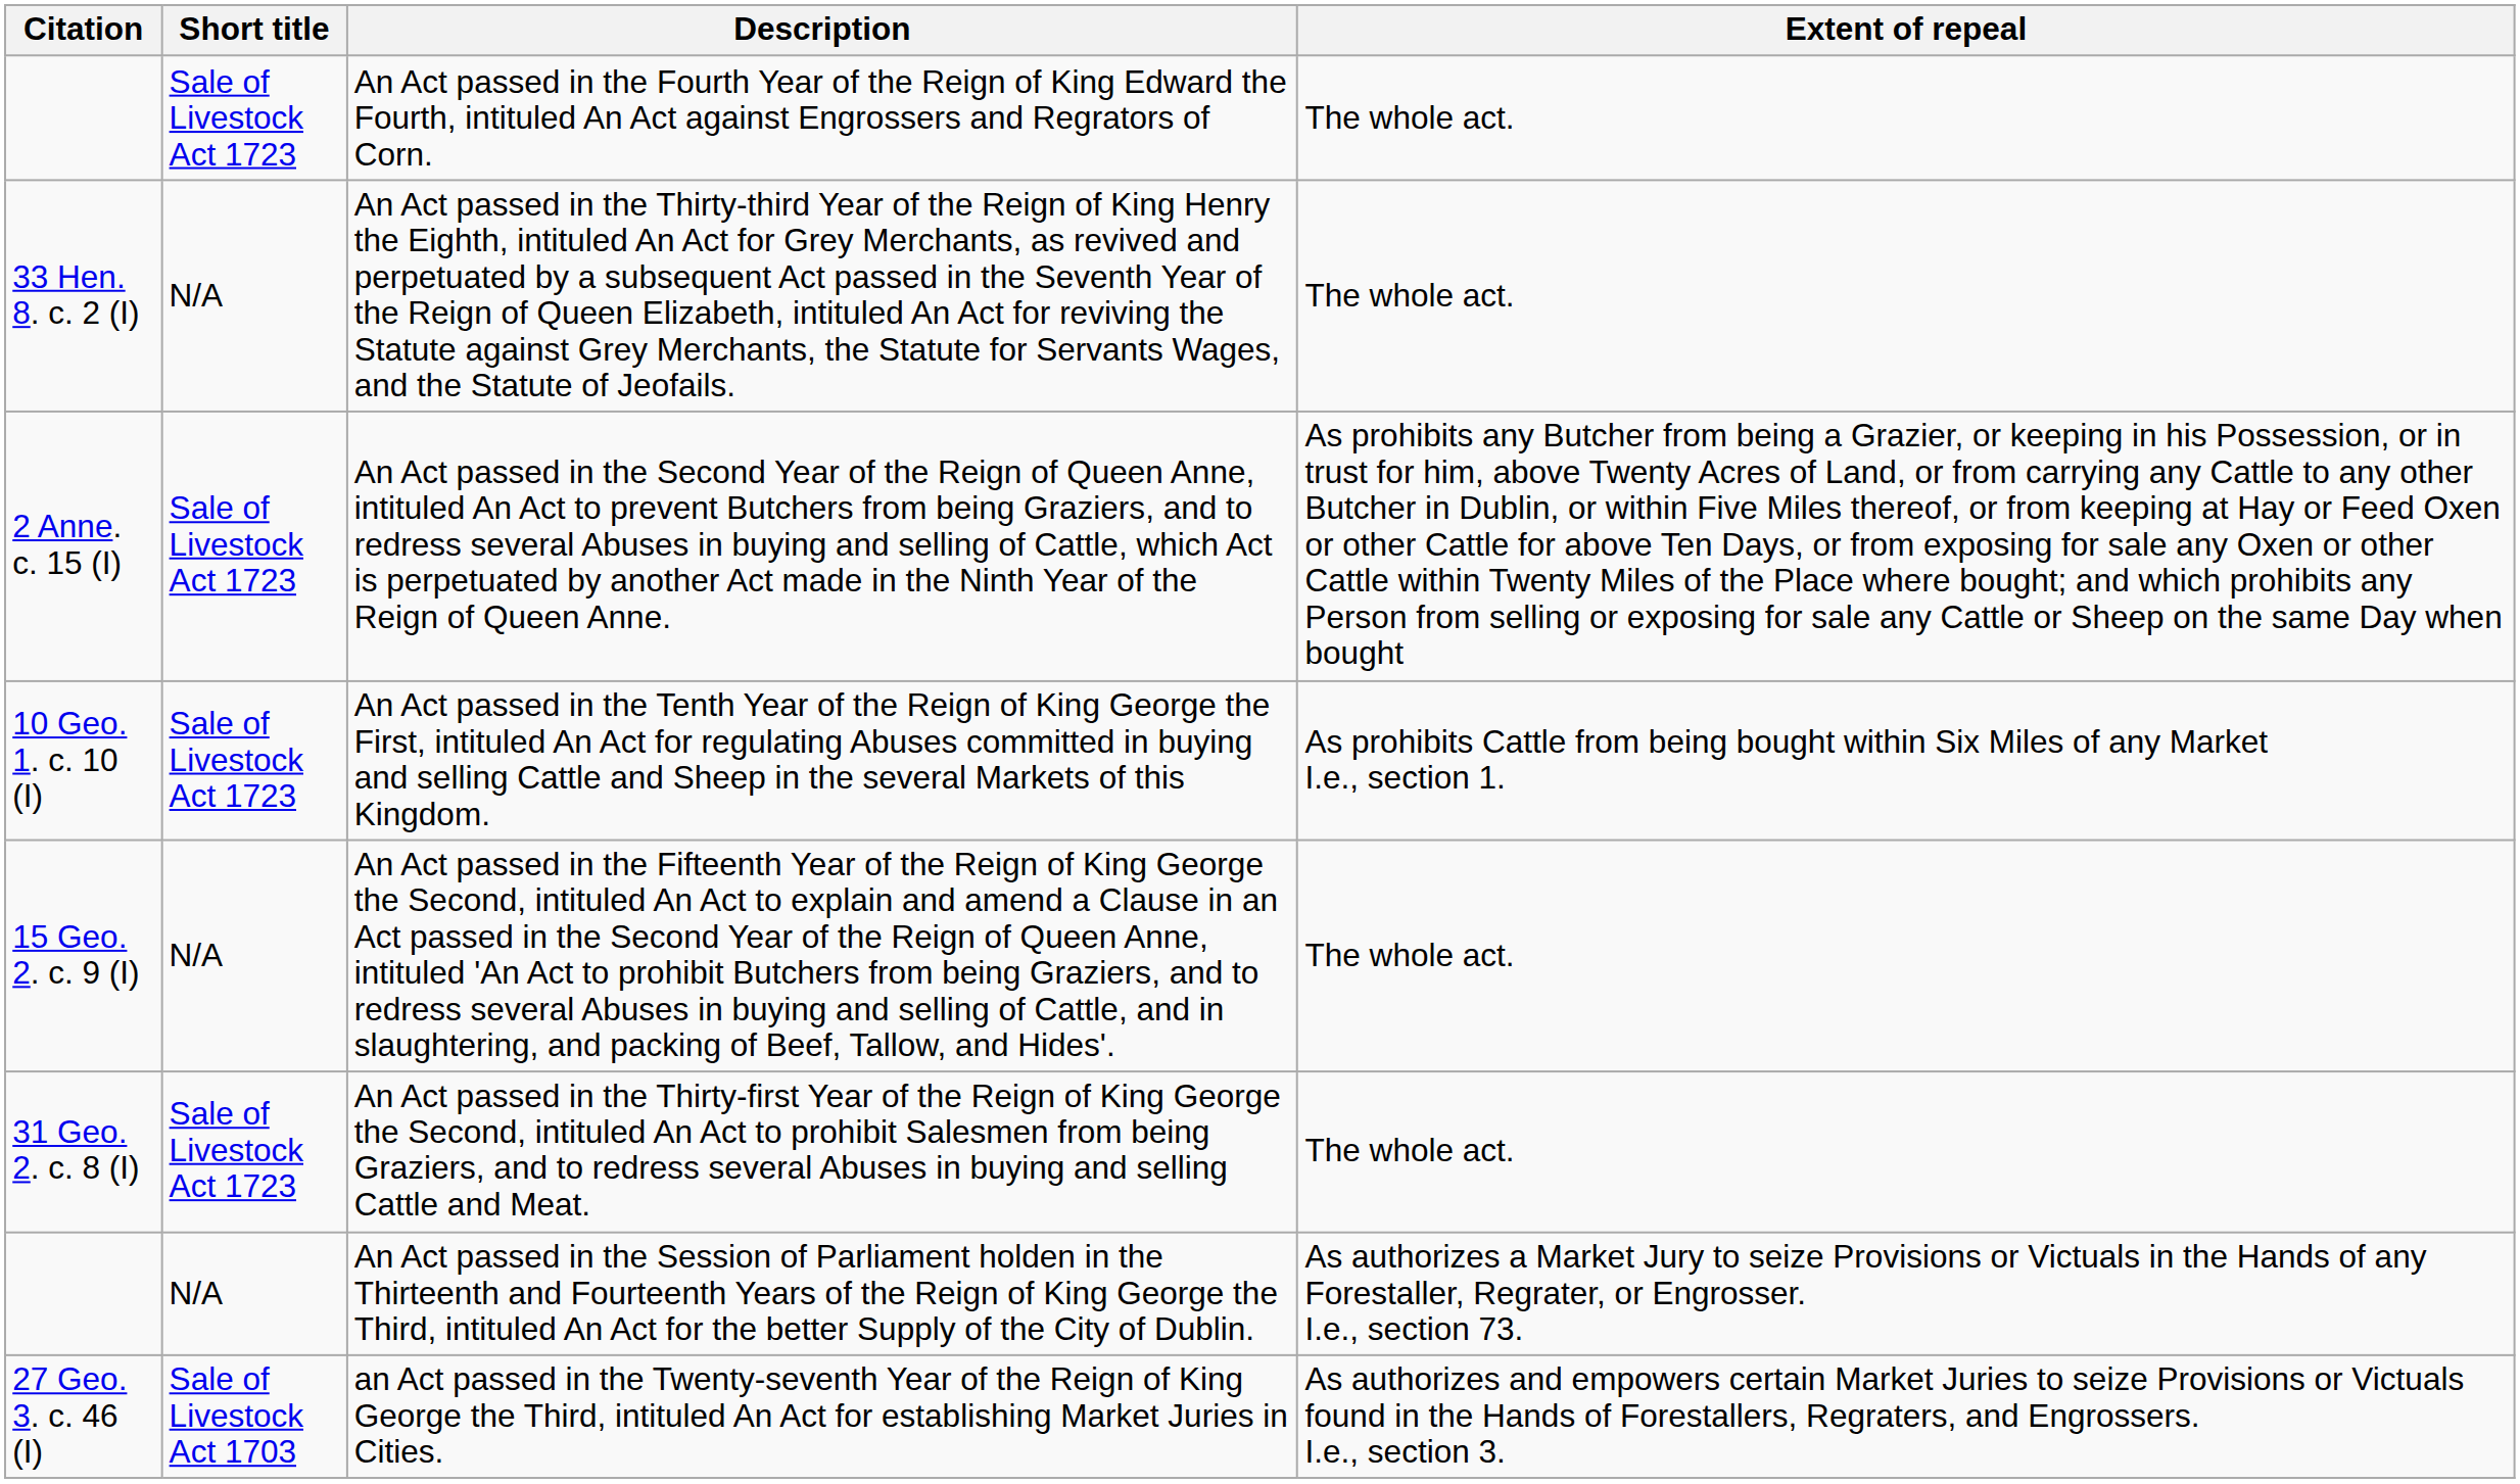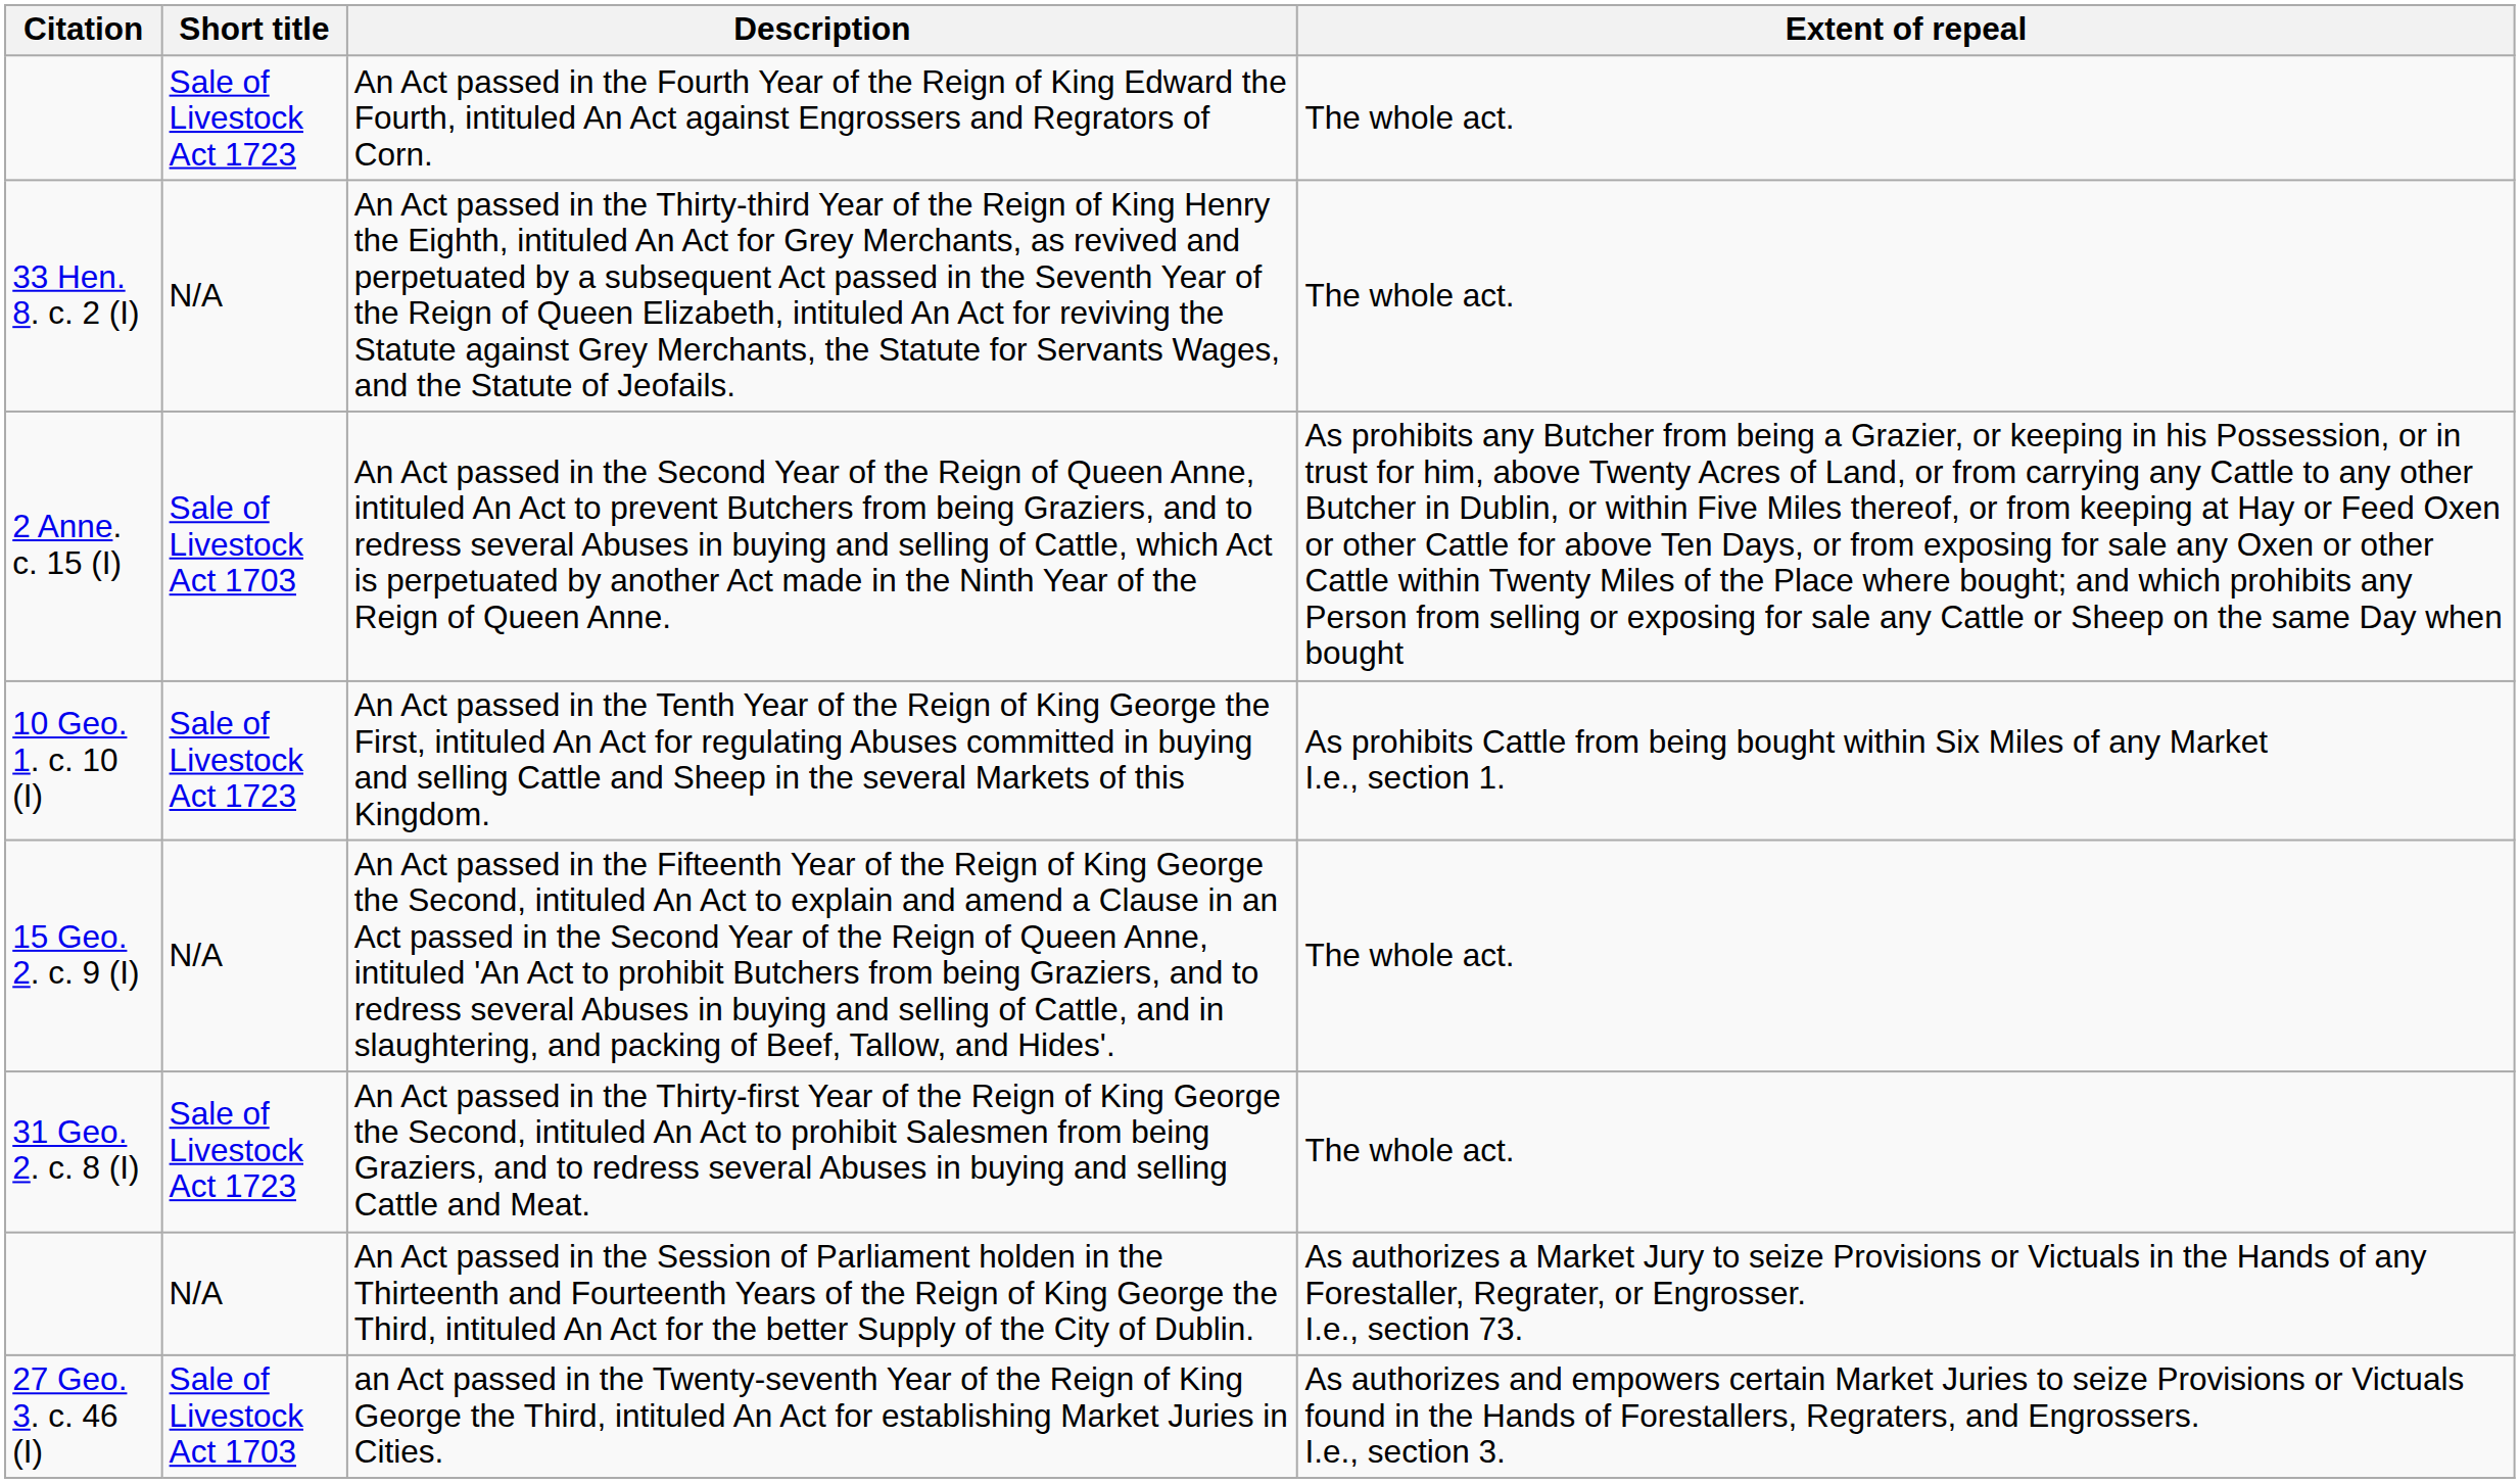 <table class="wikitable">
 <tr>
 <th>Citation</th>
 <th>Short title</th>
 <th>Description</th>
 <th>Extent of repeal</th>
 </tr>
 <tr>
 <td></td>
 <td><a href='#'>Sale of Livestock Act 1723</a></td>
 <td>An Act passed in the Fourth Year of the Reign of King Edward the Fourth, intituled An Act against Engrossers and Regrators of Corn.</td>
 <td>The whole act.</td>
 </tr>
 <tr>
 <td><a href='#'>33 Hen. 8</a>. c. 2 (I)</td>
 <td>N/A</td>
 <td>An Act passed in the Thirty-third Year of the Reign of King Henry the Eighth, intituled An Act for Grey Merchants, as revived and perpetuated by a subsequent Act passed in the Seventh Year of the Reign of Queen Elizabeth, intituled An Act for reviving the Statute against Grey Merchants, the Statute for Servants Wages, and the Statute of Jeofails.</td>
 <td>The whole act.</td>
 </tr>
 <tr>
 <td><a href='#'>2 Anne</a>. c. 15 (I)</td>
-<td><a href='#'>Sale of Livestock Act 1723</a></td>
+<td><a href='#'>Sale of Livestock Act 1703</a></td>
 <td>An Act passed in the Second Year of the Reign of Queen Anne, intituled An Act to prevent Butchers from being Graziers, and to redress several Abuses in buying and selling of Cattle, which Act is perpetuated by another Act made in the Ninth Year of the Reign of Queen Anne.</td>
 <td>As prohibits any Butcher from being a Grazier, or keeping in his Possession, or in trust for him, above Twenty Acres of Land, or from carrying any Cattle to any other Butcher in Dublin, or within Five Miles thereof, or from keeping at Hay or Feed Oxen or other Cattle for above Ten Days, or from exposing for sale any Oxen or other Cattle within Twenty Miles of the Place where bought; and which prohibits any Person from selling or exposing for sale any Cattle or Sheep on the same Day when bought</td>
 </tr>
 <tr>
 <td><a href='#'>10 Geo. 1</a>. c. 10 (I)</td>
 <td><a href='#'>Sale of Livestock Act 1723</a></td>
 <td>An Act passed in the Tenth Year of the Reign of King George the First, intituled An Act for regulating Abuses committed in buying and selling Cattle and Sheep in the several Markets of this Kingdom.</td>
 <td>As prohibits Cattle from being bought within Six Miles of any Market<br>I.e., section 1.</td>
 </tr>
 <tr>
 <td><a href='#'>15 Geo. 2</a>. c. 9 (I)</td>
 <td>N/A</td>
 <td>An Act passed in the Fifteenth Year of the Reign of King George the Second, intituled An Act to explain and amend a Clause in an Act passed in the Second Year of the Reign of Queen Anne, intituled 'An Act to prohibit Butchers from being Graziers, and to redress several Abuses in buying and selling of Cattle, and in slaughtering, and packing of Beef, Tallow, and Hides'.</td>
 <td>The whole act.</td>
 </tr>
 <tr>
 <td><a href='#'>31 Geo. 2</a>. c. 8 (I)</td>
 <td><a href='#'>Sale of Livestock Act 1723</a></td>
 <td>An Act passed in the Thirty-first Year of the Reign of King George the Second, intituled An Act to prohibit Salesmen from being Graziers, and to redress several Abuses in buying and selling Cattle and Meat.</td>
 <td>The whole act.</td>
 </tr>
 <tr>
 <td></td>
 <td>N/A</td>
 <td>An Act passed in the Session of Parliament holden in the Thirteenth and Fourteenth Years of the Reign of King George the Third, intituled An Act for the better Supply of the City of Dublin.</td>
 <td>As authorizes a Market Jury to seize Provisions or Victuals in the Hands of any Forestaller, Regrater, or Engrosser.<br>I.e., section 73.</td>
 </tr>
 <tr>
 <td><a href='#'>27 Geo. 3</a>. c. 46 (I)</td>
 <td><a href='#'>Sale of Livestock Act 1703</a></td>
 <td>an Act passed in the Twenty-seventh Year of the Reign of King George the Third, intituled An Act for establishing Market Juries in Cities.</td>
 <td>As authorizes and empowers certain Market Juries to seize Provisions or Victuals found in the Hands of Forestallers, Regraters, and Engrossers.<br>I.e., section 3.</td>
 </tr>
 </table>
